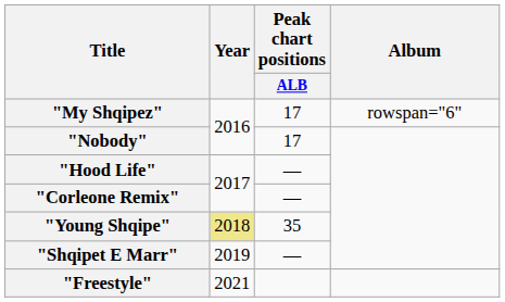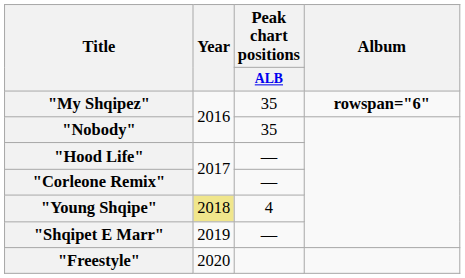 <table class="wikitable plainrowheaders" style="text-align:center;">
 <tr>
 <th scope="col" rowspan="2" style="width:11em;">Title</th>
 <th scope="col" rowspan="2" style="width:2em;">Year</th>
 <th scope="col" colspan="1">Peak chart positions</th>
 <th scope="col" rowspan="2" style="width:9em;">Album</th>
 </tr>
 <tr>
 <th style="width:40px; font-size:smaller;"><a href='#'>ALB</a><br></th>
 </tr>
 <tr>
 <th scope="row">"My Shqipez"</th>
 <td rowspan="2">2016</td>
-<td>17</td>
-<td>rowspan="6" </td>
+<td>35</td>
+<td><strong>rowspan="6" </strong></td>
 </tr>
 <tr>
 <th scope="row">"Nobody"<br></th>
-<td>17</td>
+<td>35</td>
 </tr>
 <tr>
 <th scope="row">"Hood Life"<br></th>
 <td rowspan="2">2017</td>
 <td>—</td>
 </tr>
 <tr>
 <th scope="row">"Corleone Remix"<br></th>
 <td>—</td>
 </tr>
 <tr>
 <th scope="row">"Young Shqipe"</th>
 <td style="background: khaki;">2018</td>
-<td>35</td>
+<td>4</td>
 </tr>
 <tr>
 <th scope="row">"Shqipet E Marr"</th>
 <td>2019</td>
 <td>—</td>
 </tr>
 <tr>
 <th>"Freestyle"</th>
-<td>2021</td>
+<td>2020</td>
 <td></td>
 <td></td>
 </tr>
 </table>
